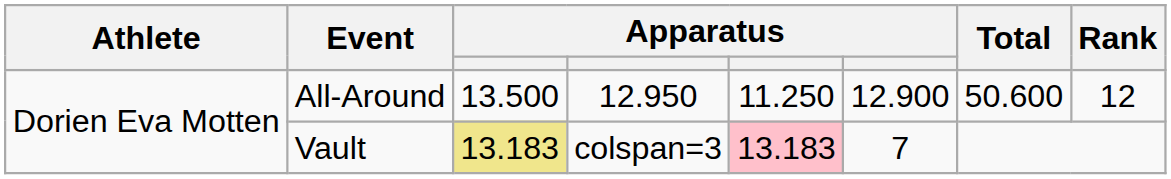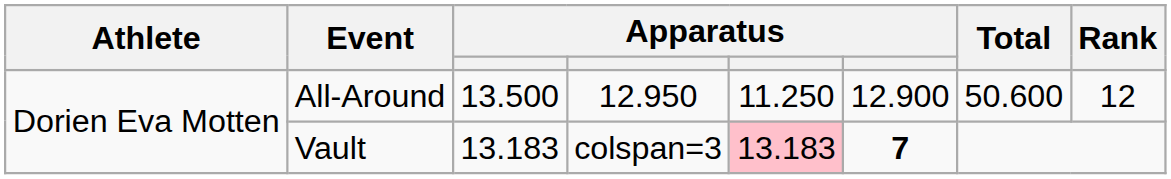 <table class="wikitable" style="font-size:90%">
 <tr>
 <th rowspan=2>Athlete</th>
 <th rowspan=2>Event</th>
 <th colspan=4>Apparatus</th>
 <th rowspan=2>Total</th>
 <th rowspan=2>Rank</th>
 </tr>
 <tr style="font-size:95%">
 <th></th>
 <th></th>
 <th></th>
 <th></th>
 </tr>
 <tr align=center>
 <td align=left rowspan=2>Dorien Eva Motten</td>
 <td align=left>All-Around</td>
 <td>13.500</td>
 <td>12.950</td>
 <td>11.250</td>
 <td>12.900</td>
 <td>50.600</td>
 <td>12</td>
 </tr>
 <tr align=center>
 <td align=left>Vault</td>
-<td style="background: khaki;">13.183</td>
+<td>13.183</td>
 <td>colspan=3 </td>
 <td style="background: pink;">13.183</td>
-<td>7</td>
+<td><strong>7</strong></td>
 </tr>
 </table>
